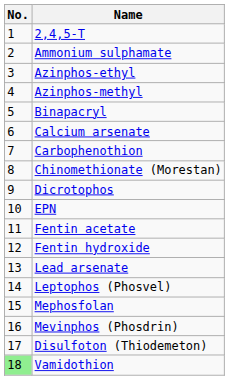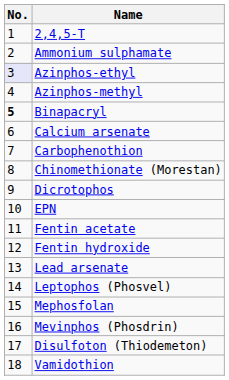 <table class="wikitable">
 <tr>
 <th>No.</th>
 <th>Name</th>
 </tr>
 <tr>
 <td>1</td>
 <td><a href='#'>2,4,5-T</a></td>
 </tr>
 <tr>
 <td>2</td>
 <td><a href='#'>Ammonium sulphamate</a></td>
 </tr>
 <tr>
-<td>3</td>
+<td style="background: lavender;">3</td>
 <td><a href='#'>Azinphos-ethyl</a></td>
 </tr>
 <tr>
 <td>4</td>
 <td><a href='#'>Azinphos-methyl</a></td>
 </tr>
 <tr>
-<td>5</td>
+<td><strong>5</strong></td>
 <td><a href='#'>Binapacryl</a></td>
 </tr>
 <tr>
 <td>6</td>
 <td><a href='#'>Calcium arsenate</a></td>
 </tr>
 <tr>
 <td>7</td>
 <td><a href='#'>Carbophenothion</a></td>
 </tr>
 <tr>
 <td>8</td>
 <td><a href='#'>Chinomethionate</a> (Morestan)</td>
 </tr>
 <tr>
 <td>9</td>
 <td><a href='#'>Dicrotophos</a></td>
 </tr>
 <tr>
 <td>10</td>
 <td><a href='#'>EPN</a></td>
 </tr>
 <tr>
 <td>11</td>
 <td><a href='#'>Fentin acetate</a></td>
 </tr>
 <tr>
 <td>12</td>
 <td><a href='#'>Fentin hydroxide</a></td>
 </tr>
 <tr>
 <td>13</td>
 <td><a href='#'>Lead arsenate</a></td>
 </tr>
 <tr>
 <td>14</td>
 <td><a href='#'>Leptophos</a> (Phosvel)</td>
 </tr>
 <tr>
 <td>15</td>
 <td><a href='#'>Mephosfolan</a></td>
 </tr>
 <tr>
 <td>16</td>
 <td><a href='#'>Mevinphos</a> (Phosdrin)</td>
 </tr>
 <tr>
 <td>17</td>
 <td><a href='#'>Disulfoton</a> (Thiodemeton)</td>
 </tr>
 <tr>
-<td style="background: lightgreen;">18</td>
+<td>18</td>
 <td><a href='#'>Vamidothion</a></td>
 </tr>
 </table>
